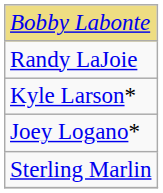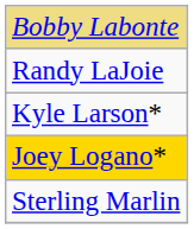 <table class="wikitable" style="float:left;">
 <tr>
 <td style="background:#eedd82"><em><a href='#'>Bobby Labonte</a></em></td>
 </tr>
 <tr>
 <td><a href='#'>Randy LaJoie</a></td>
 </tr>
 <tr>
 <td><a href='#'>Kyle Larson</a>*</td>
 </tr>
 <tr>
-<td><a href='#'>Joey Logano</a>*</td>
+<td style="background: gold;"><a href='#'>Joey Logano</a>*</td>
 </tr>
 <tr>
 <td><a href='#'>Sterling Marlin</a></td>
 </tr>
 <tr>
 </tr>
 </table>
